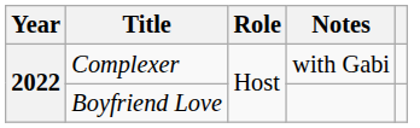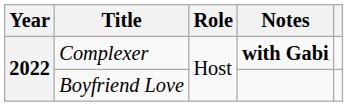 <table class="wikitable  plainrowheaders">
 <tr>
 <th scope="col">Year</th>
 <th scope="col">Title</th>
 <th scope="col">Role</th>
 <th scope="col">Notes</th>
 <th scope="col" class="unsortable"></th>
 </tr>
 <tr>
 <th scope="row" rowspan=2>2022</th>
 <td><em>Complexer</em></td>
 <td rowspan=2>Host</td>
-<td>with Gabi</td>
+<td><strong>with Gabi</strong></td>
 <td></td>
 </tr>
 <tr>
 <td><em>Boyfriend Love</em></td>
 <td></td>
 <td></td>
 </tr>
 </table>
